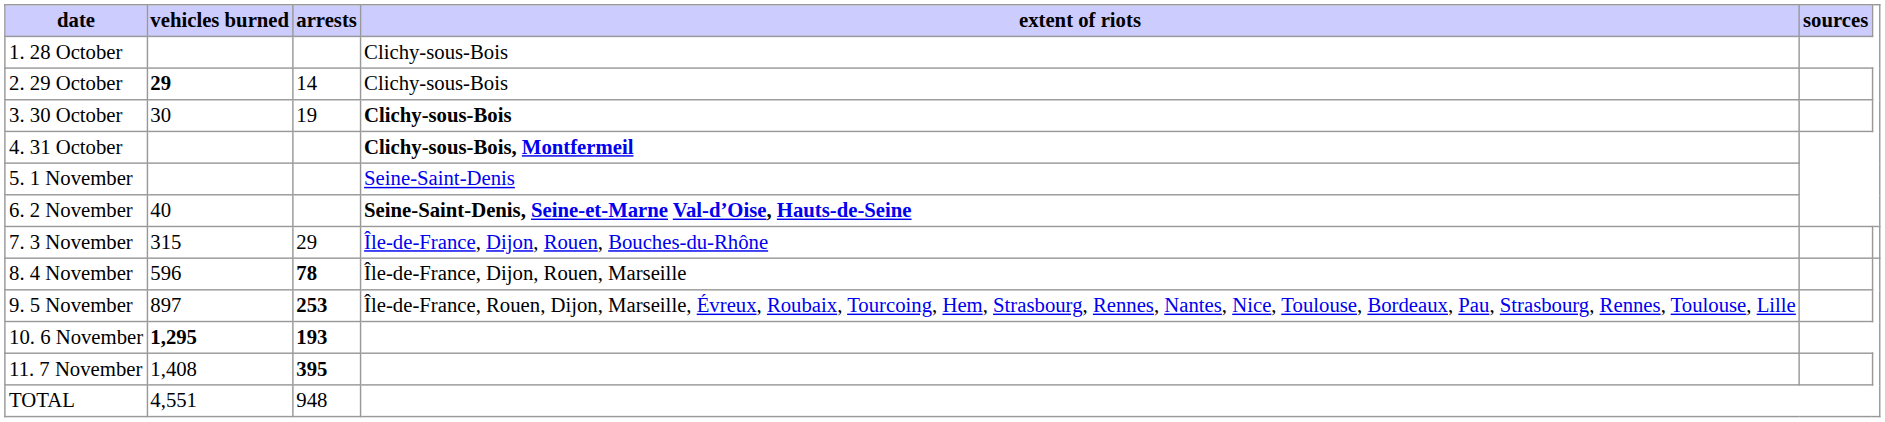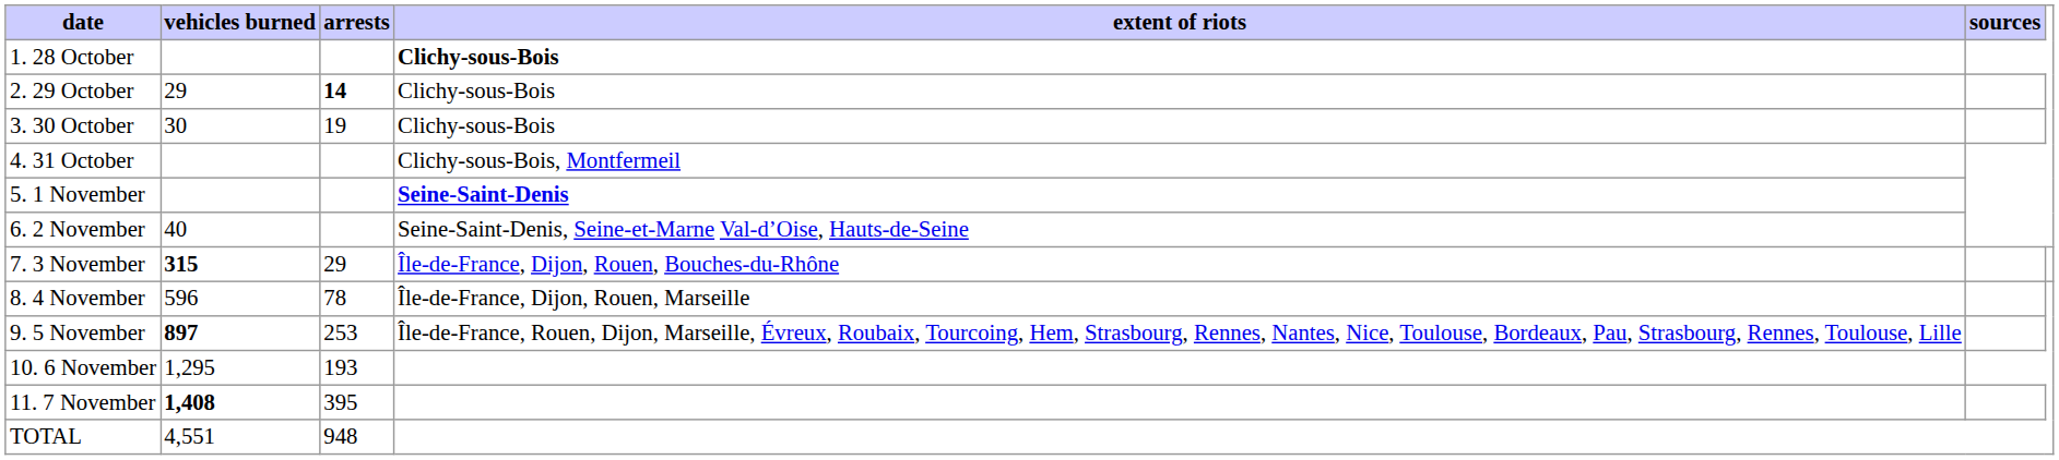 <table rules="all" cellpadding="2" cellspacing="0" style="margin: 1em 1em 1em 1em; border: 1px solid #999; font-size: 90%; background-color: white;">
 <tr style="background:#ccccff" align="center" |>
 <th>date</th>
 <th>vehicles burned</th>
 <th>arrests</th>
 <th>extent of riots</th>
 <th>sources</th>
 </tr>
 <tr>
 <td>1. 28 October</td>
 <td></td>
 <td></td>
-<td>Clichy-sous-Bois</td>
+<td><strong>Clichy-sous-Bois</strong></td>
 </tr>
 <tr>
 <td>2. 29 October</td>
-<td><strong>29</strong></td>
-<td>14</td>
+<td>29</td>
+<td><strong>14</strong></td>
 <td>Clichy-sous-Bois</td>
 <td></td>
 </tr>
 <tr>
 <td>3. 30 October</td>
 <td>30</td>
 <td>19</td>
-<td><strong>Clichy-sous-Bois</strong></td>
+<td>Clichy-sous-Bois</td>
 <td></td>
 </tr>
 <tr>
 <td>4. 31 October</td>
 <td></td>
 <td></td>
-<td><strong>Clichy-sous-Bois, <a href='#'>Montfermeil</a></strong></td>
+<td>Clichy-sous-Bois, <a href='#'>Montfermeil</a></td>
 </tr>
 <tr>
 <td>5. 1 November</td>
 <td></td>
 <td></td>
-<td><a href='#'>Seine-Saint-Denis</a></td>
+<td><strong><a href='#'>Seine-Saint-Denis</a></strong></td>
 </tr>
 <tr>
 <td>6. 2 November</td>
 <td>40</td>
 <td></td>
-<td><strong>Seine-Saint-Denis, <a href='#'>Seine-et-Marne</a> <a href='#'>Val-d’Oise</a>, <a href='#'>Hauts-de-Seine</a></strong></td>
+<td>Seine-Saint-Denis, <a href='#'>Seine-et-Marne</a> <a href='#'>Val-d’Oise</a>, <a href='#'>Hauts-de-Seine</a></td>
 </tr>
 <tr>
 <td>7. 3 November</td>
-<td>315</td>
+<td><strong>315</strong></td>
 <td>29</td>
 <td><a href='#'>Île-de-France</a>, <a href='#'>Dijon</a>, <a href='#'>Rouen</a>, <a href='#'>Bouches-du-Rhône</a></td>
 <td></td>
 <td></td>
 </tr>
 <tr>
 <td>8. 4 November</td>
 <td>596</td>
-<td><strong>78</strong></td>
+<td>78</td>
 <td>Île-de-France, Dijon, Rouen, Marseille</td>
 <td> </td>
 </tr>
 <tr>
 <td>9. 5 November</td>
-<td>897</td>
-<td><strong>253</strong></td>
+<td><strong>897</strong></td>
+<td>253</td>
 <td>Île-de-France,  Rouen, Dijon, Marseille, <a href='#'>Évreux</a>, <a href='#'>Roubaix</a>, <a href='#'>Tourcoing</a>, <a href='#'>Hem</a>, <a href='#'>Strasbourg</a>, <a href='#'>Rennes</a>, <a href='#'>Nantes</a>, <a href='#'>Nice</a>,  <a href='#'>Toulouse</a>, <a href='#'>Bordeaux</a>, <a href='#'>Pau</a>, <a href='#'>Strasbourg</a>, <a href='#'>Rennes</a>, <a href='#'>Toulouse</a>, <a href='#'>Lille</a></td>
 <td>  </td>
 </tr>
 <tr>
 <td>10. 6 November</td>
-<td><strong>1,295</strong></td>
-<td><strong>193</strong></td>
+<td>1,295</td>
+<td>193</td>
 <td> </td>
 </tr>
 <tr>
 <td>11. 7 November</td>
-<td>1,408</td>
-<td><strong>395</strong></td>
+<td><strong>1,408</strong></td>
+<td>395</td>
 <td></td>
 <td></td>
 </tr>
 <tr>
 <td>TOTAL</td>
 <td>4,551</td>
 <td>948</td>
 </tr>
 </table>
